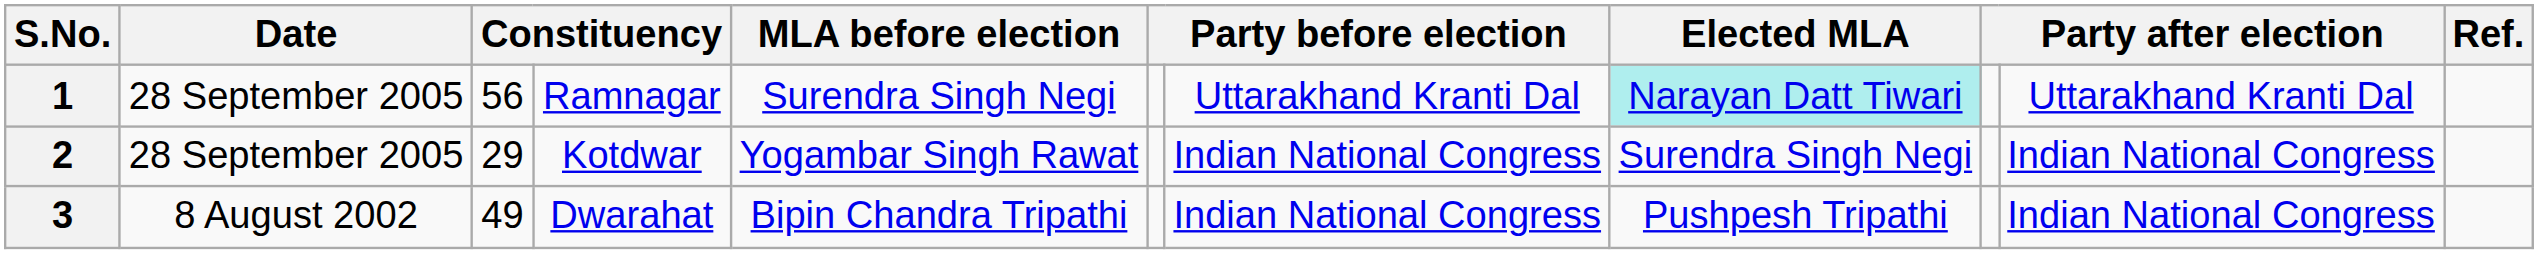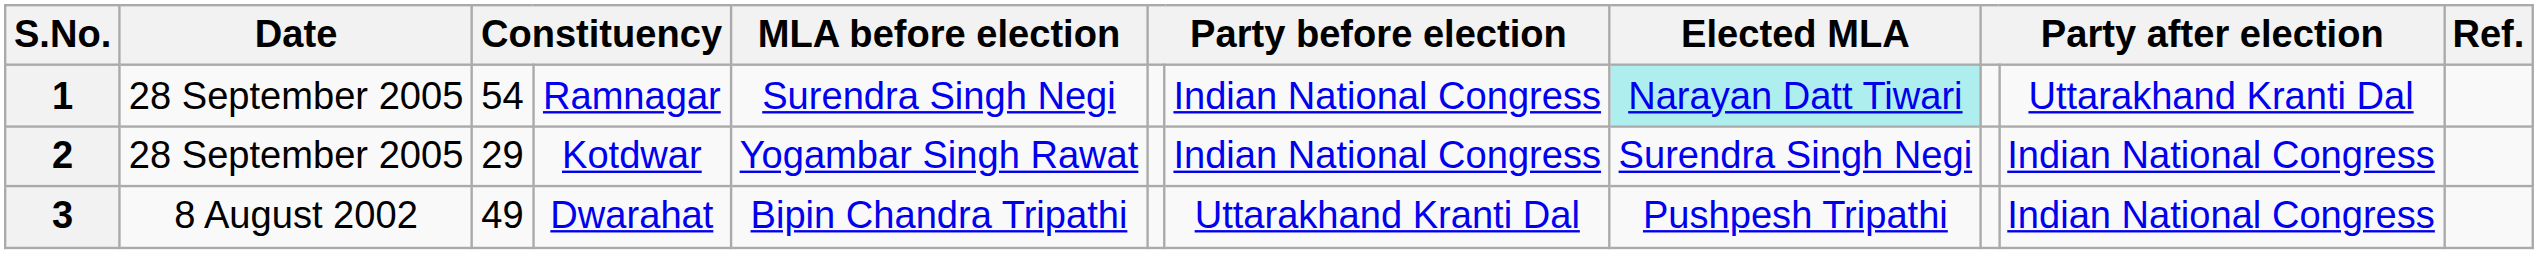 <table class="wikitable sortable" style="text-align:center;">
 <tr>
 <th>S.No.</th>
 <th>Date</th>
 <th colspan="2">Constituency</th>
 <th>MLA before election</th>
 <th colspan="2">Party before election</th>
 <th>Elected MLA</th>
 <th colspan="2">Party after election</th>
 <th>Ref.</th>
 </tr>
 <tr>
 <th>1</th>
 <td>28 September 2005</td>
-<td>56</td>
+<td>54</td>
 <td><a href='#'>Ramnagar</a></td>
 <td><a href='#'>Surendra Singh Negi</a></td>
 <td></td>
-<td><a href='#'>Uttarakhand Kranti Dal</a></td>
+<td><a href='#'>Indian National Congress</a></td>
 <td style="background: paleturquoise;"><a href='#'>Narayan Datt Tiwari</a></td>
 <td></td>
 <td><a href='#'>Uttarakhand Kranti Dal</a></td>
 <td></td>
 </tr>
 <tr>
 <th>2</th>
 <td>28 September 2005</td>
 <td>29</td>
 <td><a href='#'>Kotdwar</a></td>
 <td><a href='#'>Yogambar Singh Rawat</a></td>
 <td></td>
 <td><a href='#'>Indian National Congress</a></td>
 <td><a href='#'>Surendra Singh Negi</a></td>
 <td></td>
 <td><a href='#'>Indian National Congress</a></td>
 <td></td>
 </tr>
 <tr>
 <th>3</th>
 <td>8 August 2002</td>
 <td>49</td>
 <td><a href='#'>Dwarahat</a></td>
 <td><a href='#'>Bipin Chandra Tripathi</a></td>
 <td></td>
-<td><a href='#'>Indian National Congress</a></td>
+<td><a href='#'>Uttarakhand Kranti Dal</a></td>
 <td><a href='#'>Pushpesh Tripathi</a></td>
 <td></td>
 <td><a href='#'>Indian National Congress</a></td>
 <td></td>
 </tr>
 </table>
